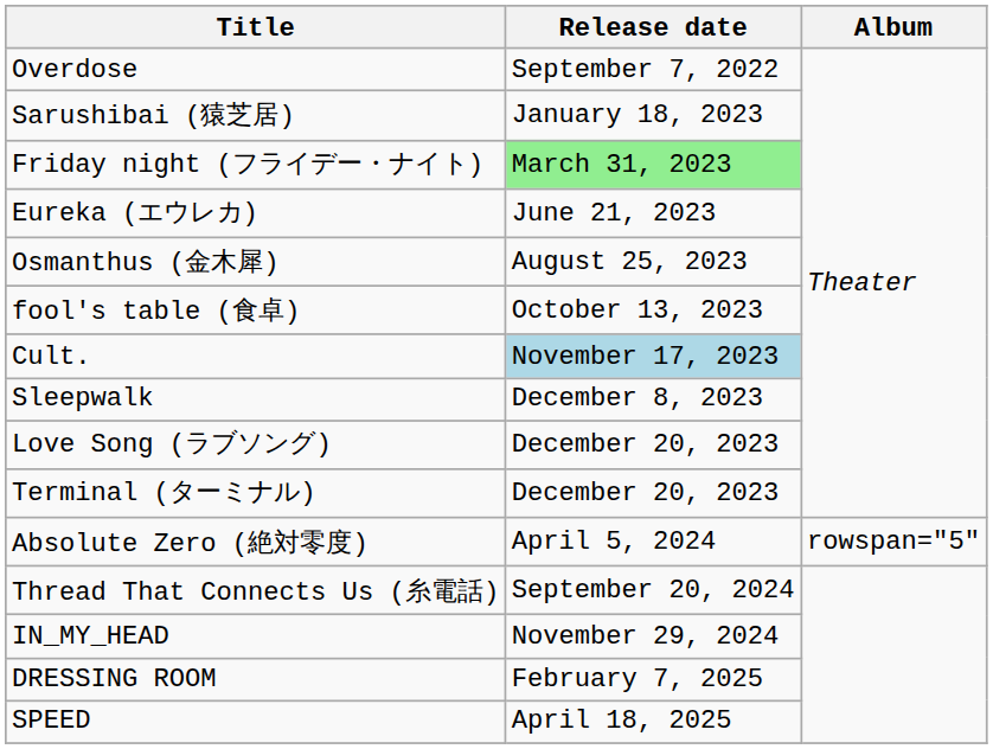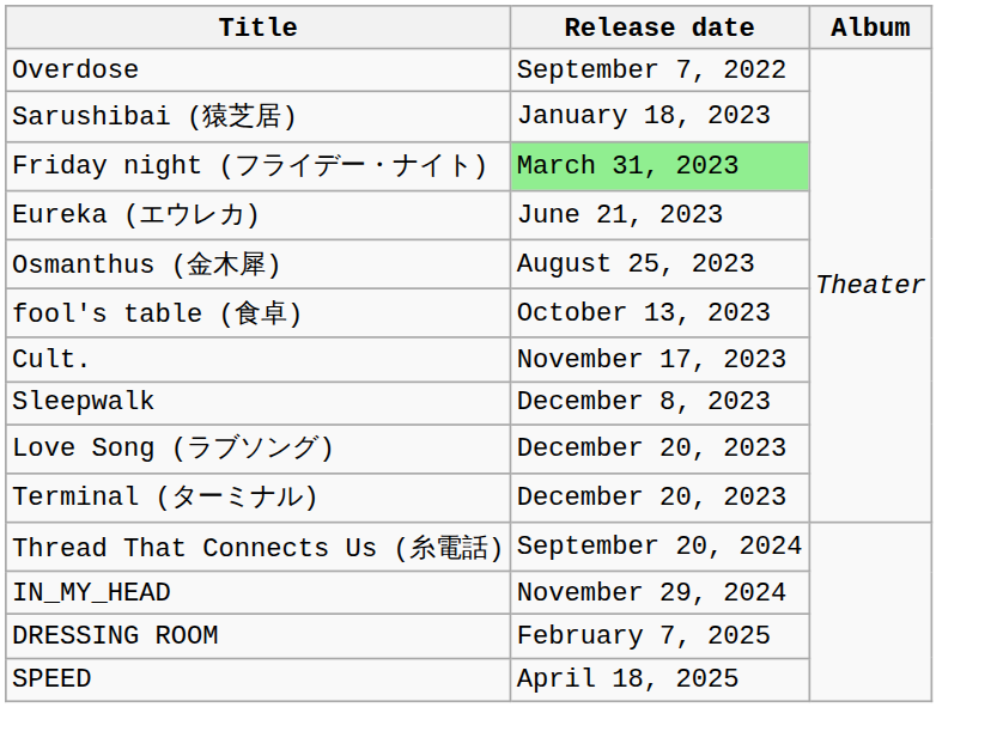 <table class="wikitable">
 <tr>
 <th>Title</th>
 <th>Release date</th>
 <th>Album</th>
 </tr>
 <tr>
 <td>Overdose</td>
 <td>September 7, 2022</td>
 <td rowspan="10"><em>Theater</em></td>
 </tr>
 <tr>
 <td>Sarushibai (猿芝居)</td>
 <td>January 18, 2023</td>
 </tr>
 <tr>
 <td>Friday night (フライデー・ナイト)</td>
 <td style="background: lightgreen;">March 31, 2023</td>
 </tr>
 <tr>
 <td>Eureka (エウレカ)</td>
 <td>June 21, 2023</td>
 </tr>
 <tr>
 <td>Osmanthus (金木犀)</td>
 <td>August 25, 2023</td>
 </tr>
 <tr>
 <td>fool's table (食卓)</td>
 <td>October 13, 2023</td>
 </tr>
 <tr>
 <td>Cult.</td>
-<td style="background: lightblue;">November 17, 2023</td>
+<td>November 17, 2023</td>
 </tr>
 <tr>
 <td>Sleepwalk</td>
 <td>December 8, 2023</td>
 </tr>
 <tr>
 <td>Love Song (ラブソング)</td>
 <td>December 20, 2023</td>
 </tr>
 <tr>
 <td>Terminal (ターミナル)</td>
 <td>December 20, 2023</td>
-</tr>
-<tr>
-<td>Absolute Zero (絶対零度)</td>
-<td>April 5, 2024</td>
-<td>rowspan="5" </td>
 </tr>
 <tr>
 <td>Thread That Connects Us (糸電話)</td>
 <td>September 20, 2024</td>
 </tr>
 <tr>
 <td>IN_MY_HEAD</td>
 <td>November 29, 2024</td>
 </tr>
 <tr>
 <td>DRESSING ROOM</td>
 <td>February 7, 2025</td>
 </tr>
 <tr>
 <td>SPEED</td>
 <td>April 18, 2025</td>
 </tr>
 </table>
